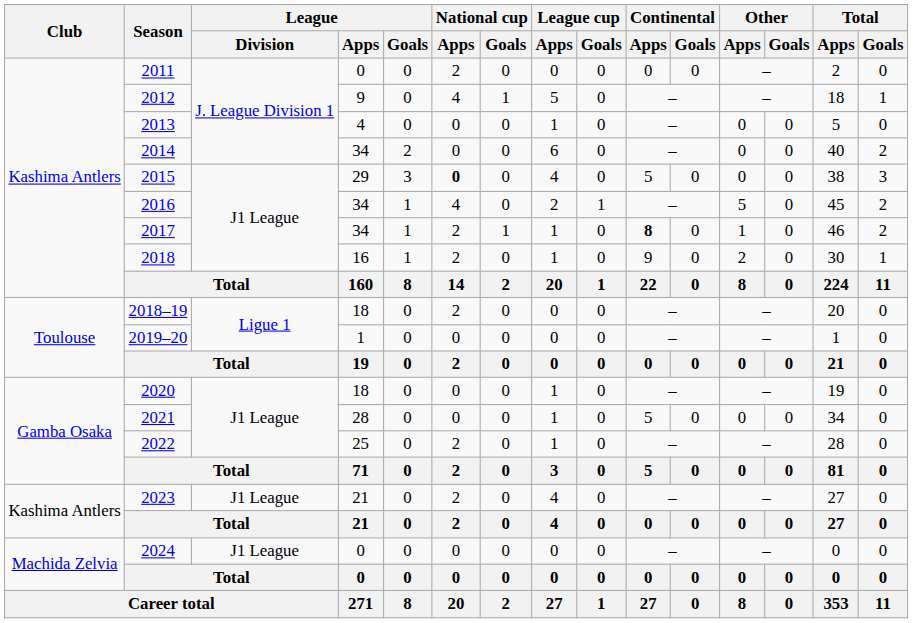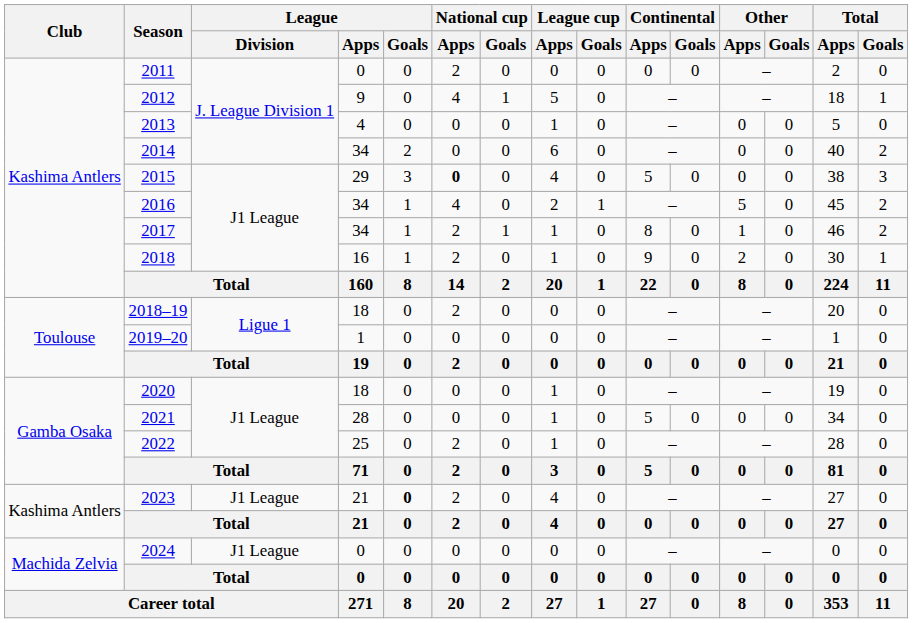 <table class="wikitable" style="text-align:center">
 <tr>
 <th rowspan="2">Club</th>
 <th rowspan="2">Season</th>
 <th colspan="3">League</th>
 <th colspan="2">National cup</th>
 <th colspan="2">League cup</th>
 <th colspan="2">Continental</th>
 <th colspan="2">Other</th>
 <th colspan="2">Total</th>
 </tr>
 <tr>
 <th>Division</th>
 <th>Apps</th>
 <th>Goals</th>
 <th>Apps</th>
 <th>Goals</th>
 <th>Apps</th>
 <th>Goals</th>
 <th>Apps</th>
 <th>Goals</th>
 <th>Apps</th>
 <th>Goals</th>
 <th>Apps</th>
 <th>Goals</th>
 </tr>
 <tr>
 <td rowspan="9"><a href='#'>Kashima Antlers</a></td>
 <td><a href='#'>2011</a></td>
 <td rowspan="4"><a href='#'>J. League Division 1</a></td>
 <td>0</td>
 <td>0</td>
 <td>2</td>
 <td>0</td>
 <td>0</td>
 <td>0</td>
 <td>0</td>
 <td>0</td>
 <td colspan="2">–</td>
 <td>2</td>
 <td>0</td>
 </tr>
 <tr>
 <td><a href='#'>2012</a></td>
 <td>9</td>
 <td>0</td>
 <td>4</td>
 <td>1</td>
 <td>5</td>
 <td>0</td>
 <td colspan="2">–</td>
 <td colspan="2">–</td>
 <td>18</td>
 <td>1</td>
 </tr>
 <tr>
 <td><a href='#'>2013</a></td>
 <td>4</td>
 <td>0</td>
 <td>0</td>
 <td>0</td>
 <td>1</td>
 <td>0</td>
 <td colspan="2">–</td>
 <td>0</td>
 <td>0</td>
 <td>5</td>
 <td>0</td>
 </tr>
 <tr>
 <td><a href='#'>2014</a></td>
 <td>34</td>
 <td>2</td>
 <td>0</td>
 <td>0</td>
 <td>6</td>
 <td>0</td>
 <td colspan="2">–</td>
 <td>0</td>
 <td>0</td>
 <td>40</td>
 <td>2</td>
 </tr>
 <tr>
 <td><a href='#'>2015</a></td>
 <td rowspan="4">J1 League</td>
 <td>29</td>
 <td>3</td>
 <td><strong>0</strong></td>
 <td>0</td>
 <td>4</td>
 <td>0</td>
 <td>5</td>
 <td>0</td>
 <td>0</td>
 <td>0</td>
 <td>38</td>
 <td>3</td>
 </tr>
 <tr>
 <td><a href='#'>2016</a></td>
 <td>34</td>
 <td>1</td>
 <td>4</td>
 <td>0</td>
 <td>2</td>
 <td>1</td>
 <td colspan="2">–</td>
 <td>5</td>
 <td>0</td>
 <td>45</td>
 <td>2</td>
 </tr>
 <tr>
 <td><a href='#'>2017</a></td>
 <td>34</td>
 <td>1</td>
 <td>2</td>
 <td>1</td>
 <td>1</td>
 <td>0</td>
-<td><strong>8</strong></td>
+<td>8</td>
 <td>0</td>
 <td>1</td>
 <td>0</td>
 <td>46</td>
 <td>2</td>
 </tr>
 <tr>
 <td><a href='#'>2018</a></td>
 <td>16</td>
 <td>1</td>
 <td>2</td>
 <td>0</td>
 <td>1</td>
 <td>0</td>
 <td>9</td>
 <td>0</td>
 <td>2</td>
 <td>0</td>
 <td>30</td>
 <td>1</td>
 </tr>
 <tr>
 <th colspan="2">Total</th>
 <th>160</th>
 <th>8</th>
 <th>14</th>
 <th>2</th>
 <th>20</th>
 <th>1</th>
 <th>22</th>
 <th>0</th>
 <th>8</th>
 <th>0</th>
 <th>224</th>
 <th>11</th>
 </tr>
 <tr>
 <td rowspan="3"><a href='#'>Toulouse</a></td>
 <td><a href='#'>2018–19</a></td>
 <td rowspan="2"><a href='#'>Ligue 1</a></td>
 <td>18</td>
 <td>0</td>
 <td>2</td>
 <td>0</td>
 <td>0</td>
 <td>0</td>
 <td colspan="2">–</td>
 <td colspan="2">–</td>
 <td>20</td>
 <td>0</td>
 </tr>
 <tr>
 <td><a href='#'>2019–20</a></td>
 <td>1</td>
 <td>0</td>
 <td>0</td>
 <td>0</td>
 <td>0</td>
 <td>0</td>
 <td colspan="2">–</td>
 <td colspan="2">–</td>
 <td>1</td>
 <td>0</td>
 </tr>
 <tr>
 <th colspan="2">Total</th>
 <th>19</th>
 <th>0</th>
 <th>2</th>
 <th>0</th>
 <th>0</th>
 <th>0</th>
 <th>0</th>
 <th>0</th>
 <th>0</th>
 <th>0</th>
 <th>21</th>
 <th>0</th>
 </tr>
 <tr>
 <td rowspan="4"><a href='#'>Gamba Osaka</a></td>
 <td><a href='#'>2020</a></td>
 <td rowspan="3">J1 League</td>
 <td>18</td>
 <td>0</td>
 <td>0</td>
 <td>0</td>
 <td>1</td>
 <td>0</td>
 <td colspan="2">–</td>
 <td colspan="2">–</td>
 <td>19</td>
 <td>0</td>
 </tr>
 <tr>
 <td><a href='#'>2021</a></td>
 <td>28</td>
 <td>0</td>
 <td>0</td>
 <td>0</td>
 <td>1</td>
 <td>0</td>
 <td>5</td>
 <td>0</td>
 <td>0</td>
 <td>0</td>
 <td>34</td>
 <td>0</td>
 </tr>
 <tr>
 <td><a href='#'>2022</a></td>
 <td>25</td>
 <td>0</td>
 <td>2</td>
 <td>0</td>
 <td>1</td>
 <td>0</td>
 <td colspan="2">–</td>
 <td colspan="2">–</td>
 <td>28</td>
 <td>0</td>
 </tr>
 <tr>
 <th colspan="2">Total</th>
 <th>71</th>
 <th>0</th>
 <th>2</th>
 <th>0</th>
 <th>3</th>
 <th>0</th>
 <th>5</th>
 <th>0</th>
 <th>0</th>
 <th>0</th>
 <th>81</th>
 <th>0</th>
 </tr>
 <tr>
 <td rowspan="2">Kashima Antlers</td>
 <td><a href='#'>2023</a></td>
 <td>J1 League</td>
 <td>21</td>
-<td>0</td>
+<td><strong>0</strong></td>
 <td>2</td>
 <td>0</td>
 <td>4</td>
 <td>0</td>
 <td colspan="2">–</td>
 <td colspan="2">–</td>
 <td>27</td>
 <td>0</td>
 </tr>
 <tr>
 <th colspan="2">Total</th>
 <th>21</th>
 <th>0</th>
 <th>2</th>
 <th>0</th>
 <th>4</th>
 <th>0</th>
 <th>0</th>
 <th>0</th>
 <th>0</th>
 <th>0</th>
 <th>27</th>
 <th>0</th>
 </tr>
 <tr>
 <td rowspan="2"><a href='#'>Machida Zelvia</a></td>
 <td><a href='#'>2024</a></td>
 <td>J1 League</td>
 <td>0</td>
 <td>0</td>
 <td>0</td>
 <td>0</td>
 <td>0</td>
 <td>0</td>
 <td colspan="2">–</td>
 <td colspan="2">–</td>
 <td>0</td>
 <td>0</td>
 </tr>
 <tr>
 <th colspan="2">Total</th>
 <th>0</th>
 <th>0</th>
 <th>0</th>
 <th>0</th>
 <th>0</th>
 <th>0</th>
 <th>0</th>
 <th>0</th>
 <th>0</th>
 <th>0</th>
 <th>0</th>
 <th>0</th>
 </tr>
 <tr>
 <th colspan="3">Career total</th>
 <th>271</th>
 <th>8</th>
 <th>20</th>
 <th>2</th>
 <th>27</th>
 <th>1</th>
 <th>27</th>
 <th>0</th>
 <th>8</th>
 <th>0</th>
 <th>353</th>
 <th>11</th>
 </tr>
 </table>
